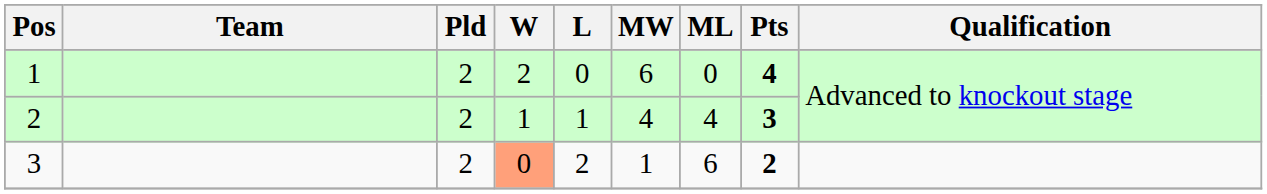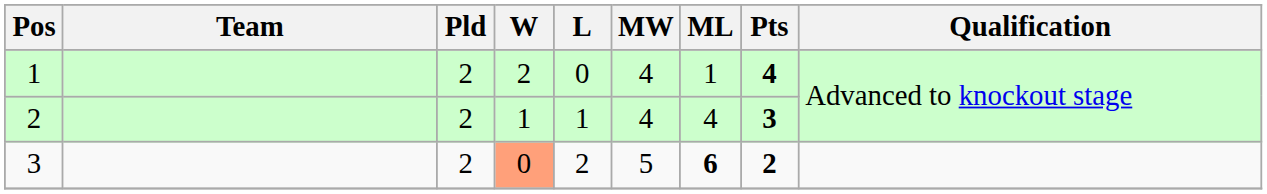 <table class="wikitable" style="text-align:center">
 <tr>
 <th width=25>Pos</th>
 <th width=200>Team</th>
 <th width=25>Pld</th>
 <th width=25>W</th>
 <th width=25>L</th>
 <th width=25>MW</th>
 <th width=25>ML</th>
 <th width=25>Pts</th>
 <th width=250>Qualification</th>
 </tr>
 <tr bgcolor=ccffcc>
 <td>1</td>
 <td style="text-align:left;"></td>
 <td>2</td>
 <td>2</td>
 <td>0</td>
-<td>6</td>
-<td>0</td>
+<td>4</td>
+<td>1</td>
 <td><strong>4</strong></td>
 <td rowspan=2 style="text-align:left;">Advanced to <a href='#'>knockout stage</a></td>
 </tr>
 <tr bgcolor=ccffcc>
 <td>2</td>
 <td style="text-align:left;"></td>
 <td>2</td>
 <td>1</td>
 <td>1</td>
 <td>4</td>
 <td>4</td>
 <td><strong>3</strong></td>
 </tr>
 <tr>
 <td>3</td>
 <td style="text-align:left;"></td>
 <td>2</td>
 <td style="background: lightsalmon;">0</td>
 <td>2</td>
-<td>1</td>
-<td>6</td>
+<td>5</td>
+<td><strong>6</strong></td>
 <td><strong>2</strong></td>
 <td></td>
 </tr>
 <tr>
 </tr>
 </table>
